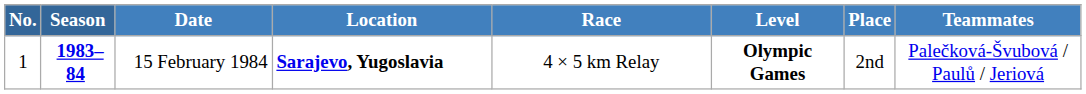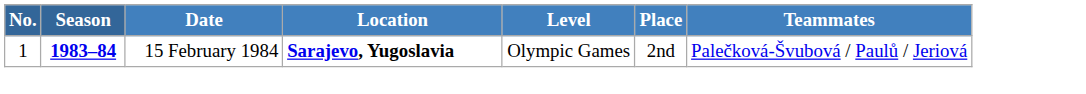 <table class="wikitable sortable" style="font-size:95%; text-align:center; border:grey solid 1px; border-collapse:collapse; background:#ffffff;">
 <tr style="background:#efefef;">
 <th style="background-color:#369; color:white;">No.</th>
 <th style="background-color:#369; color:white;">Season</th>
 <th style="background-color:#4180be; color:white; width:120px;">Date</th>
 <th style="background-color:#4180be; color:white; width:170px;">Location</th>
-<th style="background-color:#4180be; color:white; width:170px;">Race</th>
 <th style="background-color:#4180be; color:white; width:100px;">Level</th>
 <th style="background-color:#4180be; color:white;">Place</th>
 <th style="background-color:#4180be; color:white;">Teammates</th>
 </tr>
 <tr>
 <td align=center>1</td>
 <td rowspan=1 align=center><strong> <a href='#'>1983–84</a> </strong></td>
 <td align=right>15 February 1984</td>
 <td align=left><strong> <a href='#'>Sarajevo</a>, Yugoslavia</strong></td>
-<td>4 × 5 km Relay</td>
-<td><strong>Olympic Games</strong></td>
+<td>Olympic Games</td>
 <td>2nd</td>
 <td><a href='#'>Palečková-Švubová</a> / <a href='#'>Paulů</a> / <a href='#'>Jeriová</a></td>
 </tr>
 </table>
